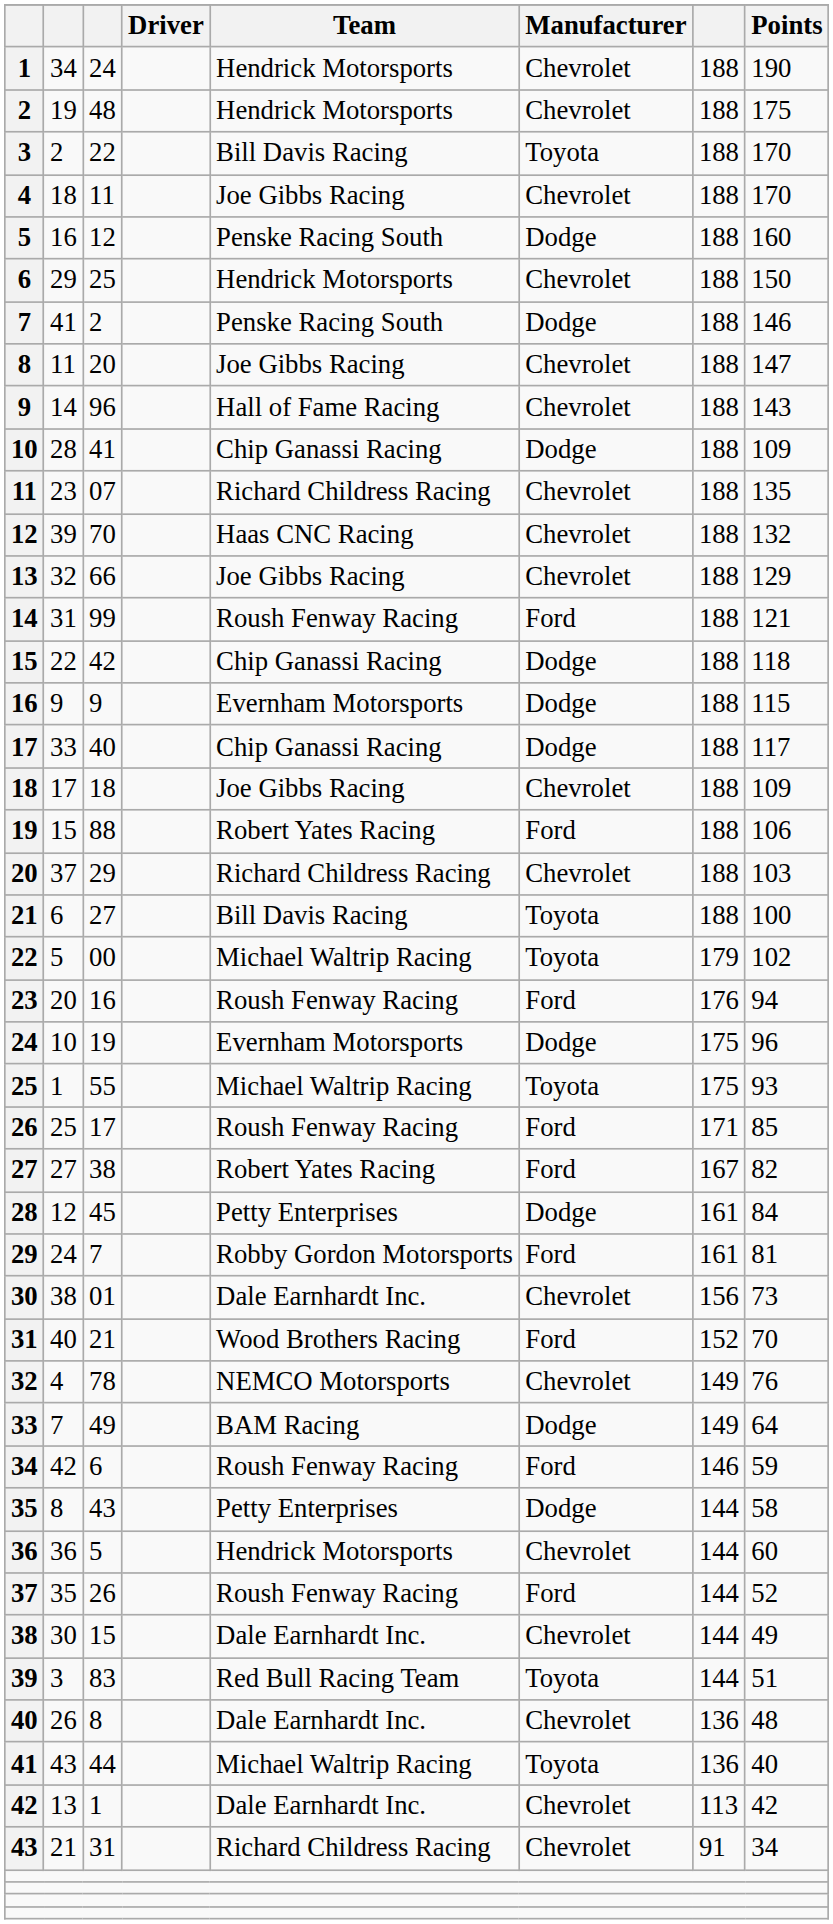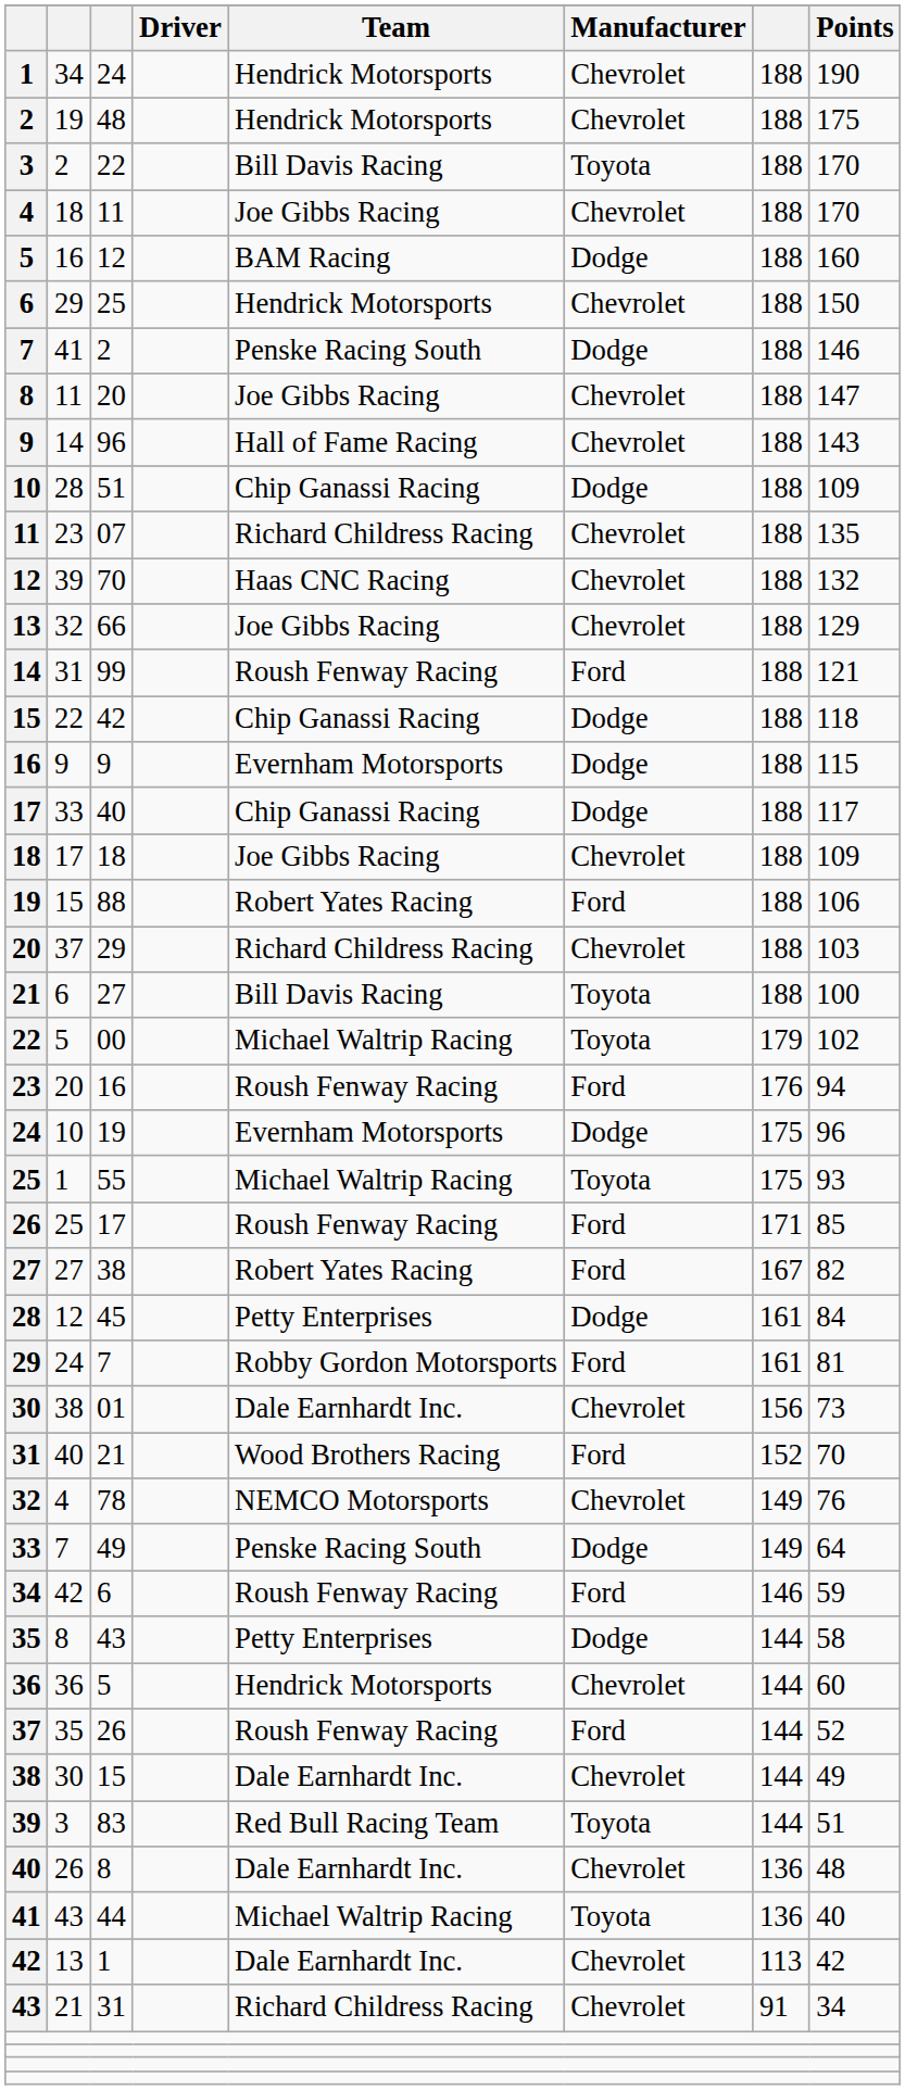 <table class="sortable wikitable" border="1">
 <tr>
 </tr>
 <tr>
 <th scope="col"></th>
 <th scope="col"></th>
 <th scope="col"></th>
 <th scope="col">Driver</th>
 <th scope="col">Team</th>
 <th scope="col">Manufacturer</th>
 <th scope="col"></th>
 <th scope="col">Points</th>
 </tr>
 <tr>
 <th scope="row">1</th>
 <td>34</td>
 <td>24</td>
 <td></td>
 <td>Hendrick Motorsports</td>
 <td>Chevrolet</td>
 <td>188</td>
 <td>190</td>
 </tr>
 <tr>
 <th scope="row">2</th>
 <td>19</td>
 <td>48</td>
 <td></td>
 <td>Hendrick Motorsports</td>
 <td>Chevrolet</td>
 <td>188</td>
 <td>175</td>
 </tr>
 <tr>
 <th scope="row">3</th>
 <td>2</td>
 <td>22</td>
 <td></td>
 <td>Bill Davis Racing</td>
 <td>Toyota</td>
 <td>188</td>
 <td>170</td>
 </tr>
 <tr>
 <th scope="row">4</th>
 <td>18</td>
 <td>11</td>
 <td></td>
 <td>Joe Gibbs Racing</td>
 <td>Chevrolet</td>
 <td>188</td>
 <td>170</td>
 </tr>
 <tr>
 <th scope="row">5</th>
 <td>16</td>
 <td>12</td>
 <td></td>
-<td>Penske Racing South</td>
+<td>BAM Racing</td>
 <td>Dodge</td>
 <td>188</td>
 <td>160</td>
 </tr>
 <tr>
 <th scope="row">6</th>
 <td>29</td>
 <td>25</td>
 <td></td>
 <td>Hendrick Motorsports</td>
 <td>Chevrolet</td>
 <td>188</td>
 <td>150</td>
 </tr>
 <tr>
 <th scope="row">7</th>
 <td>41</td>
 <td>2</td>
 <td></td>
 <td>Penske Racing South</td>
 <td>Dodge</td>
 <td>188</td>
 <td>146</td>
 </tr>
 <tr>
 <th scope="row">8</th>
 <td>11</td>
 <td>20</td>
 <td></td>
 <td>Joe Gibbs Racing</td>
 <td>Chevrolet</td>
 <td>188</td>
 <td>147</td>
 </tr>
 <tr>
 <th scope="row">9</th>
 <td>14</td>
 <td>96</td>
 <td></td>
 <td>Hall of Fame Racing</td>
 <td>Chevrolet</td>
 <td>188</td>
 <td>143</td>
 </tr>
 <tr>
 <th scope="row">10</th>
 <td>28</td>
-<td>41</td>
+<td>51</td>
 <td></td>
 <td>Chip Ganassi Racing</td>
 <td>Dodge</td>
 <td>188</td>
 <td>109</td>
 </tr>
 <tr>
 <th scope="row">11</th>
 <td>23</td>
 <td>07</td>
 <td></td>
 <td>Richard Childress Racing</td>
 <td>Chevrolet</td>
 <td>188</td>
 <td>135</td>
 </tr>
 <tr>
 <th scope="row">12</th>
 <td>39</td>
 <td>70</td>
 <td></td>
 <td>Haas CNC Racing</td>
 <td>Chevrolet</td>
 <td>188</td>
 <td>132</td>
 </tr>
 <tr>
 <th scope="row">13</th>
 <td>32</td>
 <td>66</td>
 <td></td>
 <td>Joe Gibbs Racing</td>
 <td>Chevrolet</td>
 <td>188</td>
 <td>129</td>
 </tr>
 <tr>
 <th scope="row">14</th>
 <td>31</td>
 <td>99</td>
 <td></td>
 <td>Roush Fenway Racing</td>
 <td>Ford</td>
 <td>188</td>
 <td>121</td>
 </tr>
 <tr>
 <th scope="row">15</th>
 <td>22</td>
 <td>42</td>
 <td></td>
 <td>Chip Ganassi Racing</td>
 <td>Dodge</td>
 <td>188</td>
 <td>118</td>
 </tr>
 <tr>
 <th scope="row">16</th>
 <td>9</td>
 <td>9</td>
 <td></td>
 <td>Evernham Motorsports</td>
 <td>Dodge</td>
 <td>188</td>
 <td>115</td>
 </tr>
 <tr>
 <th scope="row">17</th>
 <td>33</td>
 <td>40</td>
 <td></td>
 <td>Chip Ganassi Racing</td>
 <td>Dodge</td>
 <td>188</td>
 <td>117</td>
 </tr>
 <tr>
 <th scope="row">18</th>
 <td>17</td>
 <td>18</td>
 <td></td>
 <td>Joe Gibbs Racing</td>
 <td>Chevrolet</td>
 <td>188</td>
 <td>109</td>
 </tr>
 <tr>
 <th scope="row">19</th>
 <td>15</td>
 <td>88</td>
 <td></td>
 <td>Robert Yates Racing</td>
 <td>Ford</td>
 <td>188</td>
 <td>106</td>
 </tr>
 <tr>
 <th scope="row">20</th>
 <td>37</td>
 <td>29</td>
 <td></td>
 <td>Richard Childress Racing</td>
 <td>Chevrolet</td>
 <td>188</td>
 <td>103</td>
 </tr>
 <tr>
 <th scope="row">21</th>
 <td>6</td>
 <td>27</td>
 <td></td>
 <td>Bill Davis Racing</td>
 <td>Toyota</td>
 <td>188</td>
 <td>100</td>
 </tr>
 <tr>
 <th scope="row">22</th>
 <td>5</td>
 <td>00</td>
 <td></td>
 <td>Michael Waltrip Racing</td>
 <td>Toyota</td>
 <td>179</td>
 <td>102</td>
 </tr>
 <tr>
 <th scope="row">23</th>
 <td>20</td>
 <td>16</td>
 <td></td>
 <td>Roush Fenway Racing</td>
 <td>Ford</td>
 <td>176</td>
 <td>94</td>
 </tr>
 <tr>
 <th scope="row">24</th>
 <td>10</td>
 <td>19</td>
 <td></td>
 <td>Evernham Motorsports</td>
 <td>Dodge</td>
 <td>175</td>
 <td>96</td>
 </tr>
 <tr>
 <th scope="row">25</th>
 <td>1</td>
 <td>55</td>
 <td></td>
 <td>Michael Waltrip Racing</td>
 <td>Toyota</td>
 <td>175</td>
 <td>93</td>
 </tr>
 <tr>
 <th scope="row">26</th>
 <td>25</td>
 <td>17</td>
 <td></td>
 <td>Roush Fenway Racing</td>
 <td>Ford</td>
 <td>171</td>
 <td>85</td>
 </tr>
 <tr>
 <th scope="row">27</th>
 <td>27</td>
 <td>38</td>
 <td></td>
 <td>Robert Yates Racing</td>
 <td>Ford</td>
 <td>167</td>
 <td>82</td>
 </tr>
 <tr>
 <th scope="row">28</th>
 <td>12</td>
 <td>45</td>
 <td></td>
 <td>Petty Enterprises</td>
 <td>Dodge</td>
 <td>161</td>
 <td>84</td>
 </tr>
 <tr>
 <th scope="row">29</th>
 <td>24</td>
 <td>7</td>
 <td></td>
 <td>Robby Gordon Motorsports</td>
 <td>Ford</td>
 <td>161</td>
 <td>81</td>
 </tr>
 <tr>
 <th scope="row">30</th>
 <td>38</td>
 <td>01</td>
 <td></td>
 <td>Dale Earnhardt Inc.</td>
 <td>Chevrolet</td>
 <td>156</td>
 <td>73</td>
 </tr>
 <tr>
 <th scope="row">31</th>
 <td>40</td>
 <td>21</td>
 <td></td>
 <td>Wood Brothers Racing</td>
 <td>Ford</td>
 <td>152</td>
 <td>70</td>
 </tr>
 <tr>
 <th scope="row">32</th>
 <td>4</td>
 <td>78</td>
 <td></td>
 <td>NEMCO Motorsports</td>
 <td>Chevrolet</td>
 <td>149</td>
 <td>76</td>
 </tr>
 <tr>
 <th scope="row">33</th>
 <td>7</td>
 <td>49</td>
 <td></td>
-<td>BAM Racing</td>
+<td>Penske Racing South</td>
 <td>Dodge</td>
 <td>149</td>
 <td>64</td>
 </tr>
 <tr>
 <th scope="row">34</th>
 <td>42</td>
 <td>6</td>
 <td></td>
 <td>Roush Fenway Racing</td>
 <td>Ford</td>
 <td>146</td>
 <td>59</td>
 </tr>
 <tr>
 <th scope="row">35</th>
 <td>8</td>
 <td>43</td>
 <td></td>
 <td>Petty Enterprises</td>
 <td>Dodge</td>
 <td>144</td>
 <td>58</td>
 </tr>
 <tr>
 <th scope="row">36</th>
 <td>36</td>
 <td>5</td>
 <td></td>
 <td>Hendrick Motorsports</td>
 <td>Chevrolet</td>
 <td>144</td>
 <td>60</td>
 </tr>
 <tr>
 <th scope="row">37</th>
 <td>35</td>
 <td>26</td>
 <td></td>
 <td>Roush Fenway Racing</td>
 <td>Ford</td>
 <td>144</td>
 <td>52</td>
 </tr>
 <tr>
 <th scope="row">38</th>
 <td>30</td>
 <td>15</td>
 <td></td>
 <td>Dale Earnhardt Inc.</td>
 <td>Chevrolet</td>
 <td>144</td>
 <td>49</td>
 </tr>
 <tr>
 <th scope="row">39</th>
 <td>3</td>
 <td>83</td>
 <td></td>
 <td>Red Bull Racing Team</td>
 <td>Toyota</td>
 <td>144</td>
 <td>51</td>
 </tr>
 <tr>
 <th scope="row">40</th>
 <td>26</td>
 <td>8</td>
 <td></td>
 <td>Dale Earnhardt Inc.</td>
 <td>Chevrolet</td>
 <td>136</td>
 <td>48</td>
 </tr>
 <tr>
 <th scope="row">41</th>
 <td>43</td>
 <td>44</td>
 <td></td>
 <td>Michael Waltrip Racing</td>
 <td>Toyota</td>
 <td>136</td>
 <td>40</td>
 </tr>
 <tr>
 <th scope="row">42</th>
 <td>13</td>
 <td>1</td>
 <td></td>
 <td>Dale Earnhardt Inc.</td>
 <td>Chevrolet</td>
 <td>113</td>
 <td>42</td>
 </tr>
 <tr>
 <th scope="row">43</th>
 <td>21</td>
 <td>31</td>
 <td></td>
 <td>Richard Childress Racing</td>
 <td>Chevrolet</td>
 <td>91</td>
 <td>34</td>
 </tr>
 <tr class="sortbottom">
 <td colspan="9"></td>
 </tr>
 <tr class="sortbottom">
 <td colspan="9"></td>
 </tr>
 <tr class="sortbottom">
 <td colspan="9"></td>
 </tr>
 <tr class="sortbottom">
 <td colspan="9"></td>
 </tr>
 </table>
